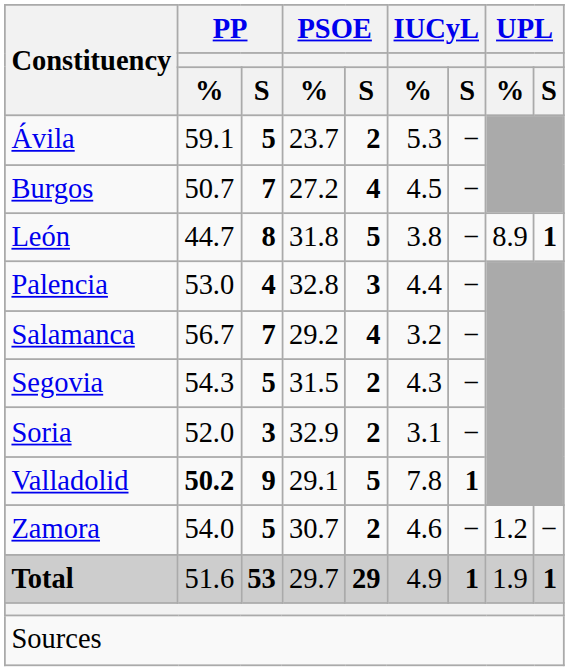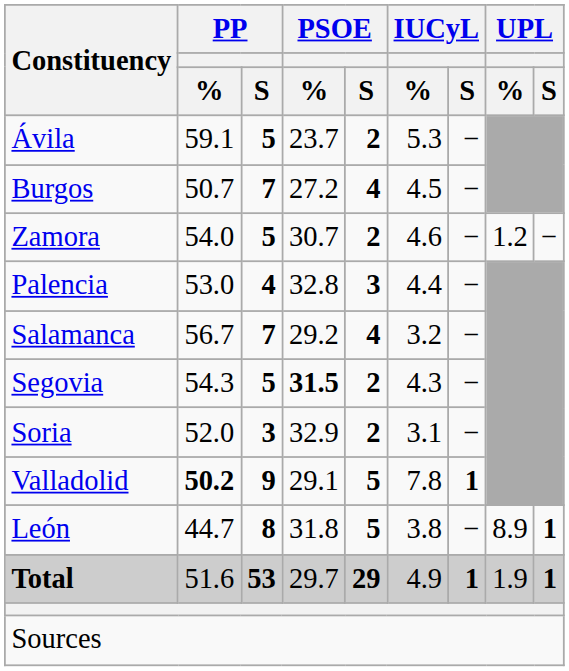 <table class="wikitable sortable" style="text-align:right; line-height:20px;">
 <tr>
 <th rowspan="3">Constituency</th>
 <th colspan="2" width="30px" class="unsortable"><a href='#'>PP</a></th>
 <th colspan="2" width="30px" class="unsortable"><a href='#'>PSOE</a></th>
 <th colspan="2" width="30px" class="unsortable"><a href='#'>IUCyL</a></th>
 <th colspan="2" width="30px" class="unsortable"><a href='#'>UPL</a></th>
 </tr>
 <tr>
 <th colspan="2" style="background:"></th>
 <th colspan="2" style="background:"></th>
 <th colspan="2" style="background:"></th>
 <th colspan="2" style="background:"></th>
 </tr>
 <tr>
 <th data-sort-type="number">%</th>
 <th data-sort-type="number">S</th>
 <th data-sort-type="number">%</th>
 <th data-sort-type="number">S</th>
 <th data-sort-type="number">%</th>
 <th data-sort-type="number">S</th>
 <th data-sort-type="number">%</th>
 <th data-sort-type="number">S</th>
 </tr>
 <tr>
 <td align="left"><a href='#'>Ávila</a></td>
 <td style="background:">59.1</td>
 <td><strong>5</strong></td>
 <td>23.7</td>
 <td><strong>2</strong></td>
 <td>5.3</td>
 <td>−</td>
 <td colspan="2" rowspan="2" bgcolor="#AAAAAA"></td>
 </tr>
 <tr>
 <td align="left"><a href='#'>Burgos</a></td>
 <td style="background:">50.7</td>
 <td><strong>7</strong></td>
 <td>27.2</td>
 <td><strong>4</strong></td>
 <td>4.5</td>
 <td>−</td>
 </tr>
 <tr>
-<td align="left"><a href='#'>León</a></td>
-<td style="background:">44.7</td>
-<td><strong>8</strong></td>
-<td>31.8</td>
+<td align="left"><a href='#'>Zamora</a></td>
+<td style="background:">54.0</td>
 <td><strong>5</strong></td>
-<td>3.8</td>
+<td>30.7</td>
+<td><strong>2</strong></td>
+<td>4.6</td>
 <td>−</td>
-<td>8.9</td>
-<td><strong>1</strong></td>
+<td>1.2</td>
+<td>−</td>
 </tr>
 <tr>
 <td align="left"><a href='#'>Palencia</a></td>
 <td style="background:">53.0</td>
 <td><strong>4</strong></td>
 <td>32.8</td>
 <td><strong>3</strong></td>
 <td>4.4</td>
 <td>−</td>
 <td colspan="2" rowspan="5" bgcolor="#AAAAAA"></td>
 </tr>
 <tr>
 <td align="left"><a href='#'>Salamanca</a></td>
 <td style="background:">56.7</td>
 <td><strong>7</strong></td>
 <td>29.2</td>
 <td><strong>4</strong></td>
 <td>3.2</td>
 <td>−</td>
 </tr>
 <tr>
 <td align="left"><a href='#'>Segovia</a></td>
 <td style="background:">54.3</td>
 <td><strong>5</strong></td>
-<td>31.5</td>
+<td><strong>31.5</strong></td>
 <td><strong>2</strong></td>
 <td>4.3</td>
 <td>−</td>
 </tr>
 <tr>
 <td align="left"><a href='#'>Soria</a></td>
 <td style="background:">52.0</td>
 <td><strong>3</strong></td>
 <td>32.9</td>
 <td><strong>2</strong></td>
 <td>3.1</td>
 <td>−</td>
 </tr>
 <tr>
 <td align="left"><a href='#'>Valladolid</a></td>
 <td style="background:"><strong>50.2</strong></td>
 <td><strong>9</strong></td>
 <td>29.1</td>
 <td><strong>5</strong></td>
 <td>7.8</td>
 <td><strong>1</strong></td>
 </tr>
 <tr>
-<td align="left"><a href='#'>Zamora</a></td>
-<td style="background:">54.0</td>
+<td align="left"><a href='#'>León</a></td>
+<td style="background:">44.7</td>
+<td><strong>8</strong></td>
+<td>31.8</td>
 <td><strong>5</strong></td>
-<td>30.7</td>
-<td><strong>2</strong></td>
-<td>4.6</td>
+<td>3.8</td>
 <td>−</td>
-<td>1.2</td>
-<td>−</td>
+<td>8.9</td>
+<td><strong>1</strong></td>
 </tr>
 <tr style="background:#CDCDCD;">
 <td align="left"><strong>Total</strong></td>
 <td style="background:">51.6</td>
 <td><strong>53</strong></td>
 <td>29.7</td>
 <td><strong>29</strong></td>
 <td>4.9</td>
 <td><strong>1</strong></td>
 <td>1.9</td>
 <td><strong>1</strong></td>
 </tr>
 <tr>
 <th colspan="9"></th>
 </tr>
 <tr>
 <th style="text-align:left; font-weight:normal; background:#F9F9F9" colspan="9">Sources</th>
 </tr>
 </table>
